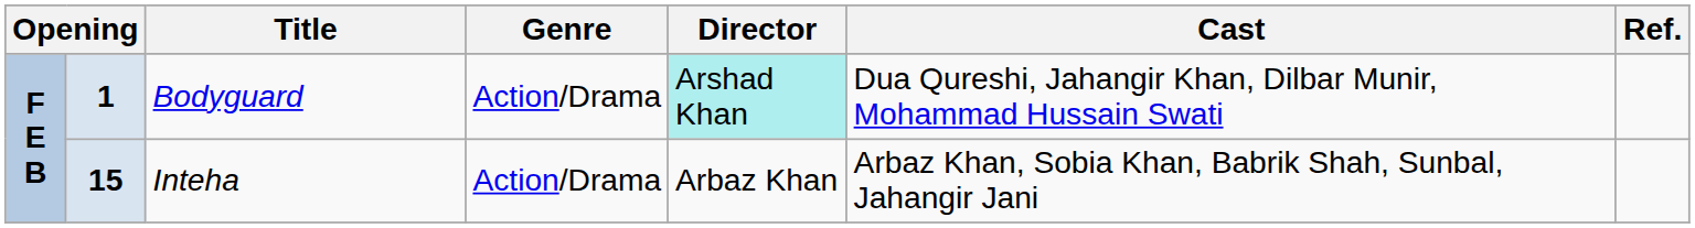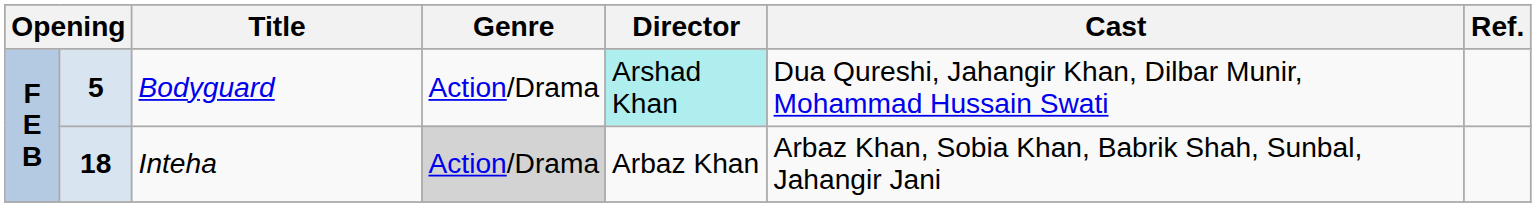 <table class="wikitable">
 <tr style="background:#b0e0e66; text-align:center;">
 <th colspan="2"><strong>Opening</strong></th>
 <th style="width:19%;"><strong>Title</strong></th>
 <th><strong>Genre</strong></th>
 <th><strong>Director</strong></th>
 <th><strong>Cast</strong></th>
 <th><strong>Ref.</strong></th>
 </tr>
 <tr>
 <td rowspan="3" style="text-align:center; background:#b4cae3;"><strong>F<br>E<br>B</strong></td>
-<td style="text-align:center; background:#d9e4f1; textcolor:#000;"><strong>1</strong></td>
+<td style="text-align:center; background:#d9e4f1; textcolor:#000;"><strong>5</strong></td>
 <td><em> <a href='#'>Bodyguard</a> </em></td>
 <td><a href='#'>Action</a>/Drama</td>
 <td style="background: paleturquoise;">Arshad Khan</td>
 <td>Dua Qureshi, Jahangir Khan, Dilbar Munir, <a href='#'>Mohammad Hussain Swati</a></td>
 <td></td>
 </tr>
 <tr>
-<td rowspan="1" style="text-align:center; background:#d9e4f1; textcolor:#000;"><strong>15</strong></td>
+<td rowspan="1" style="text-align:center; background:#d9e4f1; textcolor:#000;"><strong>18</strong></td>
 <td><em>Inteha</em></td>
-<td><a href='#'>Action</a>/Drama</td>
+<td style="background: lightgrey;"><a href='#'>Action</a>/Drama</td>
 <td>Arbaz Khan</td>
 <td>Arbaz Khan, Sobia Khan, Babrik Shah, Sunbal, Jahangir Jani</td>
 <td></td>
 </tr>
 </table>
